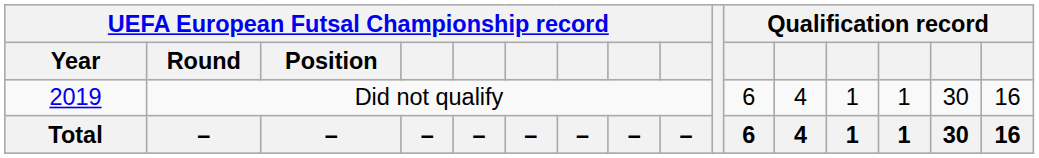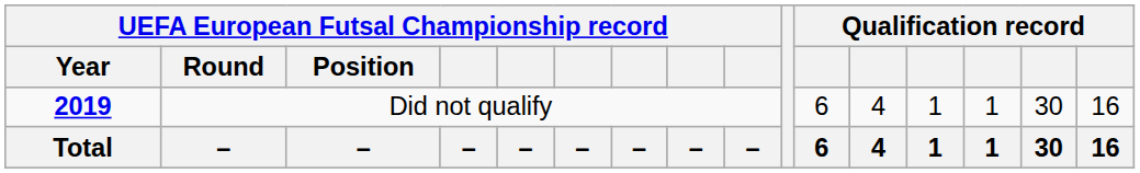 <table class="wikitable" width=50% style="text-align: center;font-size:90%;">
 <tr>
 <th colspan=9><a href='#'>UEFA European Futsal Championship record</a></th>
 <th width=1% rowspan=20></th>
 <th colspan=6>Qualification record</th>
 </tr>
 <tr>
 <th width=80>Year</th>
 <th>Round</th>
 <th>Position</th>
 <th width=25></th>
 <th width=25></th>
 <th width=25></th>
 <th width=25></th>
 <th width=25></th>
 <th width=25></th>
 <th width=25></th>
 <th width=25></th>
 <th width=25></th>
 <th width=25></th>
 <th width=25></th>
 <th width=25></th>
 </tr>
 <tr>
-<td> <a href='#'>2019</a></td>
+<td><strong> <a href='#'>2019</a></strong></td>
 <td colspan=8>Did not qualify</td>
 <td>6</td>
 <td>4</td>
 <td>1</td>
 <td>1</td>
 <td>30</td>
 <td>16</td>
 </tr>
 <tr>
 <th>Total</th>
 <th>–</th>
 <th>–</th>
 <th>–</th>
 <th>–</th>
 <th>–</th>
 <th>–</th>
 <th>–</th>
 <th>–</th>
 <th>6</th>
 <th>4</th>
 <th>1</th>
 <th>1</th>
 <th>30</th>
 <th>16</th>
 </tr>
 </table>
